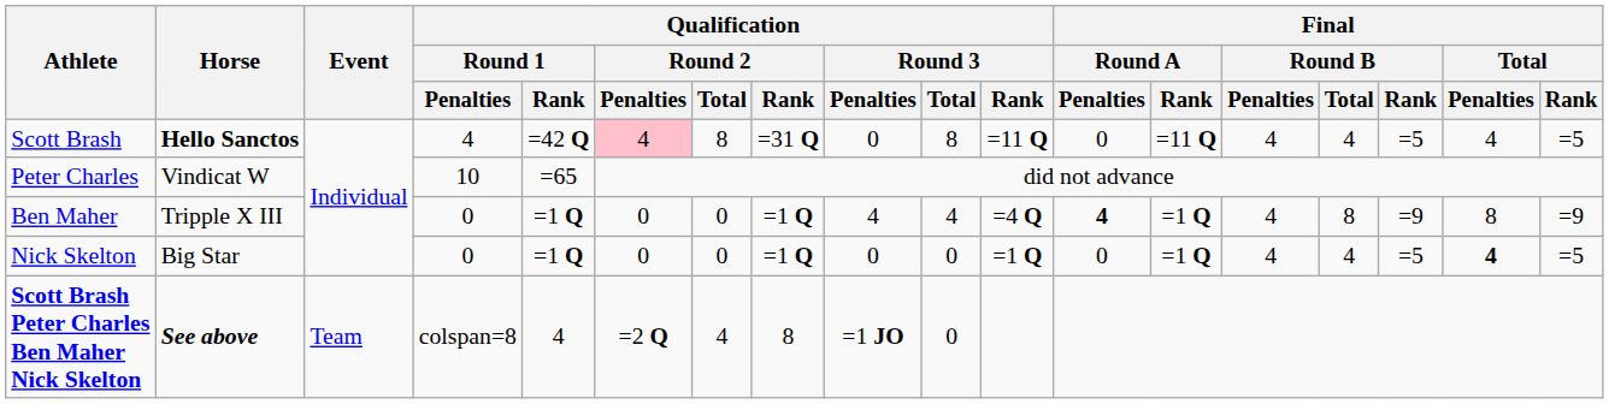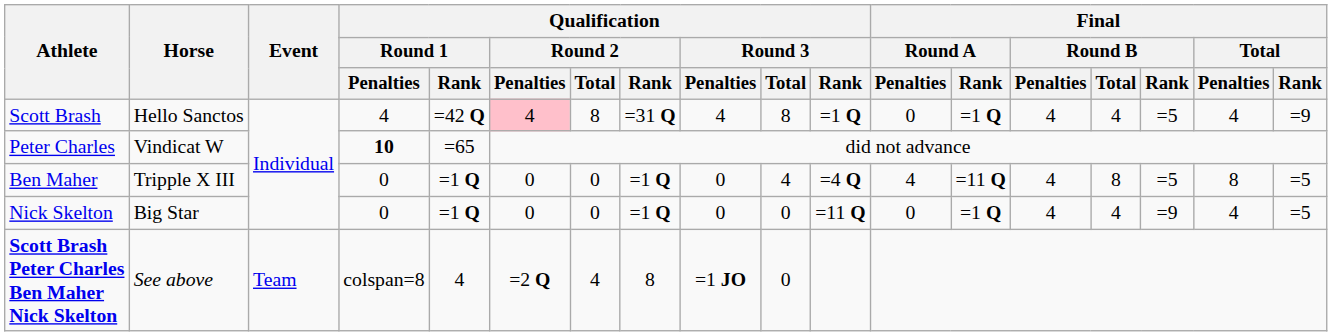 <table class="wikitable" style="font-size:90%">
 <tr>
 <th rowspan="3">Athlete</th>
 <th rowspan="3">Horse</th>
 <th rowspan="3">Event</th>
 <th colspan="8">Qualification</th>
 <th colspan="7">Final</th>
 </tr>
 <tr style="font-size:95%">
 <th colspan="2">Round 1</th>
 <th colspan="3">Round 2</th>
 <th colspan="3">Round 3</th>
 <th colspan="2">Round A</th>
 <th colspan="3">Round B</th>
 <th colspan="2">Total</th>
 </tr>
 <tr style="font-size:95%">
 <th>Penalties</th>
 <th>Rank</th>
 <th>Penalties</th>
 <th>Total</th>
 <th>Rank</th>
 <th>Penalties</th>
 <th>Total</th>
 <th>Rank</th>
 <th>Penalties</th>
 <th>Rank</th>
 <th>Penalties</th>
 <th>Total</th>
 <th>Rank</th>
 <th>Penalties</th>
 <th>Rank</th>
 </tr>
 <tr align=center>
 <td align=left><a href='#'>Scott Brash</a></td>
-<td align=left><strong>Hello Sanctos</strong></td>
+<td align=left>Hello Sanctos</td>
 <td style="text-align:left;" rowspan="4"><a href='#'>Individual</a></td>
 <td>4</td>
 <td>=42 <strong>Q</strong></td>
 <td style="background: pink;">4</td>
 <td>8</td>
 <td>=31 <strong>Q</strong></td>
+<td>4</td>
+<td>8</td>
+<td>=1 <strong>Q</strong></td>
 <td>0</td>
-<td>8</td>
-<td>=11 <strong>Q</strong></td>
-<td>0</td>
-<td>=11 <strong>Q</strong></td>
+<td>=1 <strong>Q</strong></td>
 <td>4</td>
 <td>4</td>
 <td>=5</td>
 <td>4</td>
-<td>=5</td>
+<td>=9</td>
 </tr>
 <tr align=center>
 <td align=left><a href='#'>Peter Charles</a><br></td>
 <td align=left>Vindicat W</td>
-<td>10</td>
+<td><strong>10</strong></td>
 <td>=65</td>
 <td style="text-align:center;" colspan="13">did not advance</td>
 </tr>
 <tr align=center>
 <td align=left><a href='#'>Ben Maher</a><br></td>
 <td align=left>Tripple X III</td>
 <td>0</td>
 <td>=1 <strong>Q</strong></td>
 <td>0</td>
 <td>0</td>
 <td>=1 <strong>Q</strong></td>
-<td>4</td>
+<td>0</td>
 <td>4</td>
 <td>=4 <strong>Q</strong></td>
-<td><strong>4</strong></td>
-<td>=1 <strong>Q</strong></td>
+<td>4</td>
+<td>=11 <strong>Q</strong></td>
 <td>4</td>
 <td>8</td>
-<td>=9</td>
+<td>=5</td>
 <td>8</td>
-<td>=9</td>
+<td>=5</td>
 </tr>
 <tr align=center>
 <td align=left><a href='#'>Nick Skelton</a><br></td>
 <td align=left>Big Star</td>
 <td>0</td>
 <td>=1 <strong>Q</strong></td>
 <td>0</td>
 <td>0</td>
 <td>=1 <strong>Q</strong></td>
 <td>0</td>
 <td>0</td>
-<td>=1 <strong>Q</strong></td>
+<td>=11 <strong>Q</strong></td>
 <td>0</td>
 <td>=1 <strong>Q</strong></td>
 <td>4</td>
 <td>4</td>
-<td>=5</td>
-<td><strong>4</strong></td>
+<td>=9</td>
+<td>4</td>
 <td>=5</td>
 </tr>
 <tr align=center>
 <td align=left><strong><a href='#'>Scott Brash</a><br><a href='#'>Peter Charles</a><br><a href='#'>Ben Maher</a><br><a href='#'>Nick Skelton</a></strong></td>
-<td align=left><strong><em>See above</em></strong></td>
+<td align=left><em>See above</em></td>
 <td align=left><a href='#'>Team</a></td>
 <td>colspan=8 </td>
 <td>4</td>
 <td>=2 <strong>Q</strong></td>
 <td>4</td>
 <td>8</td>
 <td>=1 <strong>JO</strong></td>
 <td>0</td>
 <td></td>
 </tr>
 </table>
